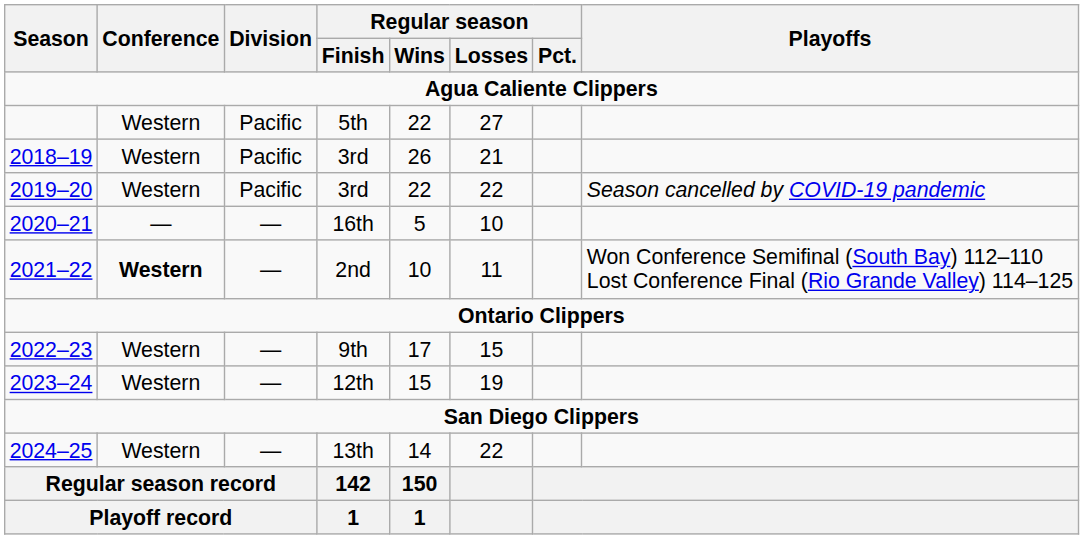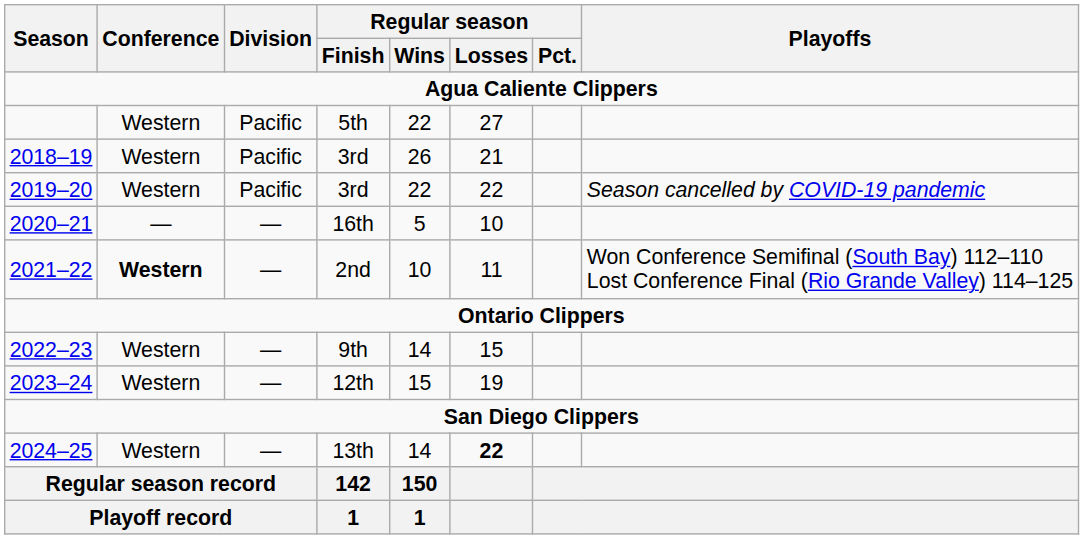 <table class="wikitable" style="font-size:95%; text-align:center">
 <tr>
 <th rowspan=2>Season</th>
 <th rowspan=2>Conference</th>
 <th rowspan=2>Division</th>
 <th colspan=4>Regular season</th>
 <th rowspan=2>Playoffs</th>
 </tr>
 <tr>
 <th>Finish</th>
 <th>Wins</th>
 <th>Losses</th>
 <th>Pct.</th>
 </tr>
 <tr>
 <td colspan=8><strong>Agua Caliente Clippers</strong></td>
 </tr>
 <tr>
 <td></td>
 <td>Western</td>
 <td>Pacific</td>
 <td>5th</td>
 <td>22</td>
 <td>27</td>
 <td></td>
 <td align=left></td>
 </tr>
 <tr>
 <td><a href='#'>2018–19</a></td>
 <td>Western</td>
 <td>Pacific</td>
 <td>3rd</td>
 <td>26</td>
 <td>21</td>
 <td></td>
 <td align=left></td>
 </tr>
 <tr>
 <td><a href='#'>2019–20</a></td>
 <td>Western</td>
 <td>Pacific</td>
 <td>3rd</td>
 <td>22</td>
 <td>22</td>
 <td></td>
 <td align=left><em>Season cancelled by <a href='#'>COVID-19 pandemic</a></em></td>
 </tr>
 <tr>
 <td><a href='#'>2020–21</a></td>
 <td>—</td>
 <td>—</td>
 <td>16th</td>
 <td>5</td>
 <td>10</td>
 <td></td>
 <td align=left></td>
 </tr>
 <tr>
 <td><a href='#'>2021–22</a></td>
 <td><strong>Western</strong></td>
 <td>—</td>
 <td>2nd</td>
 <td>10</td>
 <td>11</td>
 <td></td>
 <td align=left>Won Conference Semifinal (<a href='#'>South Bay</a>) 112–110<br>Lost Conference Final (<a href='#'>Rio Grande Valley</a>) 114–125</td>
 </tr>
 <tr>
 <td colspan=8><strong>Ontario Clippers</strong></td>
 </tr>
 <tr>
 <td><a href='#'>2022–23</a></td>
 <td>Western</td>
 <td>—</td>
 <td>9th</td>
-<td>17</td>
+<td>14</td>
 <td>15</td>
 <td></td>
 <td align=left></td>
 </tr>
 <tr>
 <td><a href='#'>2023–24</a></td>
 <td>Western</td>
 <td>—</td>
 <td>12th</td>
 <td>15</td>
 <td>19</td>
 <td></td>
 <td align=left></td>
 </tr>
 <tr>
 <td colspan=8><strong>San Diego Clippers</strong></td>
 </tr>
 <tr>
 <td><a href='#'>2024–25</a></td>
 <td>Western</td>
 <td>—</td>
 <td>13th</td>
 <td>14</td>
-<td>22</td>
+<td><strong>22</strong></td>
 <td></td>
 <td align=left></td>
 </tr>
 <tr>
 <th colspan=3>Regular season record</th>
 <th>142</th>
 <th>150</th>
 <th></th>
 <th colspan=2></th>
 </tr>
 <tr>
 <th colspan=3>Playoff record</th>
 <th>1</th>
 <th>1</th>
 <th></th>
 <th colspan=2></th>
 </tr>
 </table>
